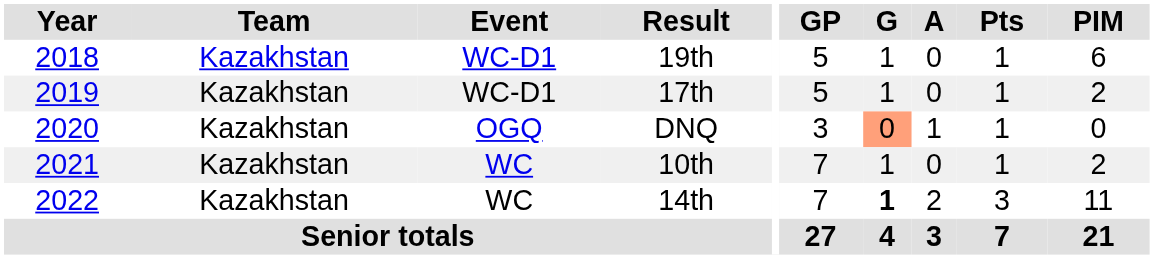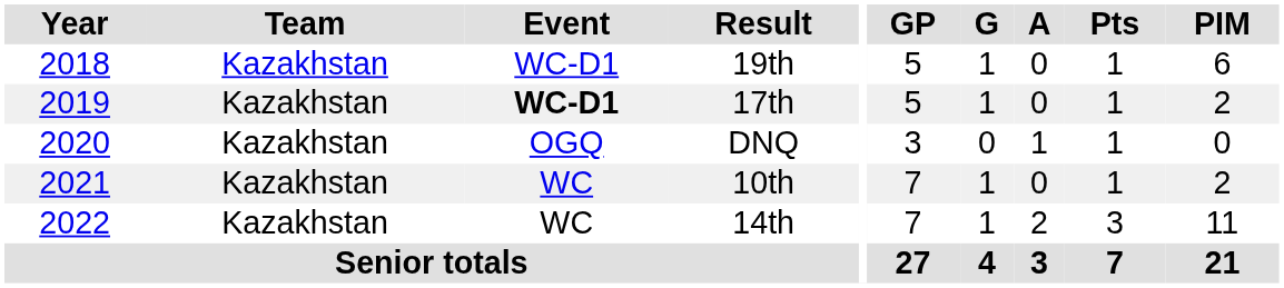 <table border="0" cellpadding="1" cellspacing="0" ID="Table3" style="text-align:center; width:40em">
 <tr ALIGN="center" bgcolor="#e0e0e0">
 <th>Year</th>
 <th>Team</th>
 <th>Event</th>
 <th>Result</th>
 <th rowspan="99" bgcolor="#ffffff"></th>
 <th>GP</th>
 <th>G</th>
 <th>A</th>
 <th>Pts</th>
 <th>PIM</th>
 </tr>
 <tr>
 <td><a href='#'>2018</a></td>
 <td><a href='#'>Kazakhstan</a></td>
 <td><a href='#'>WC-D1</a></td>
 <td>19th</td>
 <td>5</td>
 <td>1</td>
 <td>0</td>
 <td>1</td>
 <td>6</td>
 </tr>
 <tr bgcolor="#f0f0f0">
 <td><a href='#'>2019</a></td>
 <td>Kazakhstan</td>
-<td>WC-D1</td>
+<td><strong>WC-D1</strong></td>
 <td>17th</td>
 <td>5</td>
 <td>1</td>
 <td>0</td>
 <td>1</td>
 <td>2</td>
 </tr>
 <tr>
 <td><a href='#'>2020</a></td>
 <td>Kazakhstan</td>
 <td><a href='#'>OGQ</a></td>
 <td>DNQ</td>
 <td>3</td>
-<td style="background: lightsalmon;">0</td>
+<td>0</td>
 <td>1</td>
 <td>1</td>
 <td>0</td>
 </tr>
 <tr bgcolor="#f0f0f0">
 <td><a href='#'>2021</a></td>
 <td>Kazakhstan</td>
 <td><a href='#'>WC</a></td>
 <td>10th</td>
 <td>7</td>
 <td>1</td>
 <td>0</td>
 <td>1</td>
 <td>2</td>
 </tr>
 <tr>
 <td><a href='#'>2022</a></td>
 <td>Kazakhstan</td>
 <td>WC</td>
 <td>14th</td>
 <td>7</td>
-<td><strong>1</strong></td>
+<td>1</td>
 <td>2</td>
 <td>3</td>
 <td>11</td>
 </tr>
 <tr bgcolor="#e0e0e0">
 <th colspan="4">Senior totals</th>
 <th>27</th>
 <th>4</th>
 <th>3</th>
 <th>7</th>
 <th>21</th>
 </tr>
 </table>
